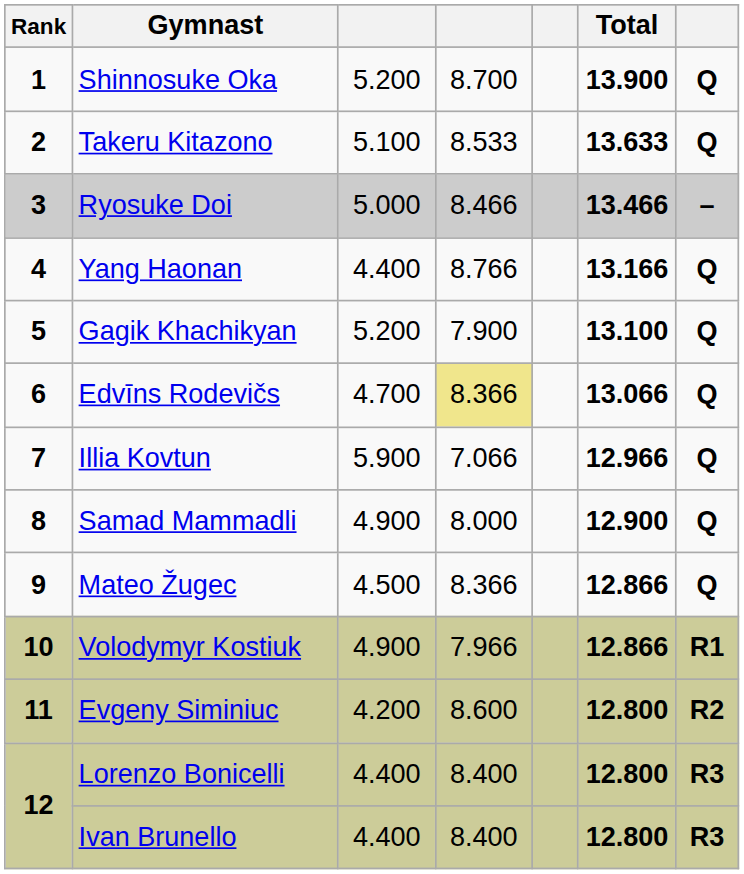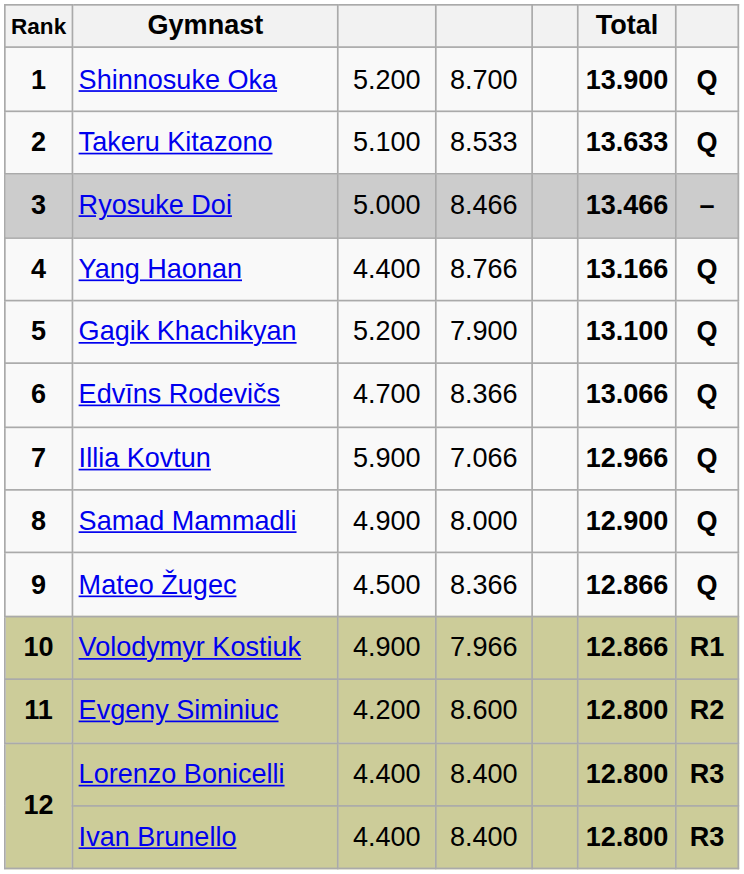 <table style="text-align:center;" class="wikitable sortable">
 <tr>
 <th scope="col" style="width:15px;"><small>Rank</small></th>
 <th scope="col" style="width:150px;">Gymnast</th>
 <th scope="col" style="width:50px;"><small></small></th>
 <th scope="col" style="width:50px;"><small></small></th>
 <th scope="col" style="width:20px;"><small></small></th>
 <th scope="col" style="width:50px;">Total</th>
 <th scope="col" style="width:30px;"><small></small></th>
 </tr>
 <tr>
 <td scope="row" style="text-align:center"><strong>1</strong></td>
 <td style="height:30px; text-align:left;"> <a href='#'>Shinnosuke Oka</a></td>
 <td>5.200</td>
 <td>8.700</td>
 <td></td>
 <td><strong>13.900</strong></td>
 <td><strong>Q</strong></td>
 </tr>
 <tr>
 <td scope="row" style="text-align:center"><strong>2</strong></td>
 <td style="height:30px; text-align:left;"> <a href='#'>Takeru Kitazono</a></td>
 <td>5.100</td>
 <td>8.533</td>
 <td></td>
 <td><strong>13.633</strong></td>
 <td><strong>Q</strong></td>
 </tr>
 <tr style="background:#cccccc;">
 <td scope="row" style="text-align:center"><strong>3</strong></td>
 <td style="height:30px; text-align:left;"> <a href='#'>Ryosuke Doi</a></td>
 <td>5.000</td>
 <td>8.466</td>
 <td></td>
 <td><strong>13.466</strong></td>
 <td><strong>–</strong></td>
 </tr>
 <tr>
 <td scope="row" style="text-align:center"><strong>4</strong></td>
 <td style="height:30px; text-align:left;"> <a href='#'>Yang Haonan</a></td>
 <td>4.400</td>
 <td>8.766</td>
 <td></td>
 <td><strong>13.166</strong></td>
 <td><strong>Q</strong></td>
 </tr>
 <tr>
 <td scope="row" style="text-align:center"><strong>5</strong></td>
 <td style="height:30px; text-align:left;"> <a href='#'>Gagik Khachikyan</a></td>
 <td>5.200</td>
 <td>7.900</td>
 <td></td>
 <td><strong>13.100</strong></td>
 <td><strong>Q</strong></td>
 </tr>
 <tr>
 <td scope="row" style="text-align:center"><strong>6</strong></td>
 <td style="height:30px; text-align:left;"> <a href='#'>Edvīns Rodevičs</a></td>
 <td>4.700</td>
-<td style="background: khaki;">8.366</td>
+<td>8.366</td>
 <td></td>
 <td><strong>13.066</strong></td>
 <td><strong>Q</strong></td>
 </tr>
 <tr>
 <td scope="row" style="text-align:center"><strong>7</strong></td>
 <td style="height:30px; text-align:left;"> <a href='#'>Illia Kovtun</a></td>
 <td>5.900</td>
 <td>7.066</td>
 <td></td>
 <td><strong>12.966</strong></td>
 <td><strong>Q</strong></td>
 </tr>
 <tr>
 <td scope="row" style="text-align:center"><strong>8</strong></td>
 <td style="height:30px; text-align:left;"> <a href='#'>Samad Mammadli</a></td>
 <td>4.900</td>
 <td>8.000</td>
 <td></td>
 <td><strong>12.900</strong></td>
 <td><strong>Q</strong></td>
 </tr>
 <tr>
 <td scope="row" style="text-align:center"><strong>9</strong></td>
 <td style="height:30px; text-align:left;"> <a href='#'>Mateo Žugec</a></td>
 <td>4.500</td>
 <td>8.366</td>
 <td></td>
 <td><strong>12.866</strong></td>
 <td><strong>Q</strong></td>
 </tr>
 <tr style="background:#cccc99;">
 <td scope="row" style="text-align:center"><strong>10</strong></td>
 <td style="height:30px; text-align:left;"> <a href='#'>Volodymyr Kostiuk</a></td>
 <td>4.900</td>
 <td>7.966</td>
 <td></td>
 <td><strong>12.866</strong></td>
 <td><strong>R1</strong></td>
 </tr>
 <tr style="background:#cccc99;">
 <td scope="row" style="text-align:center"><strong>11</strong></td>
 <td style="height:30px; text-align:left;"> <a href='#'>Evgeny Siminiuc</a></td>
 <td>4.200</td>
 <td>8.600</td>
 <td></td>
 <td><strong>12.800</strong></td>
 <td><strong>R2</strong></td>
 </tr>
 <tr style="background:#cccc99;">
 <td rowspan=2 scope="row" style="text-align:center"><strong>12</strong></td>
 <td style="height:30px; text-align:left;"> <a href='#'>Lorenzo Bonicelli</a></td>
 <td>4.400</td>
 <td>8.400</td>
 <td></td>
 <td><strong>12.800</strong></td>
 <td><strong>R3</strong></td>
 </tr>
 <tr style="background:#cccc99;">
 <td style="height:30px; text-align:left;"> <a href='#'>Ivan Brunello</a></td>
 <td>4.400</td>
 <td>8.400</td>
 <td></td>
 <td><strong>12.800</strong></td>
 <td><strong>R3</strong></td>
 </tr>
 </table>
